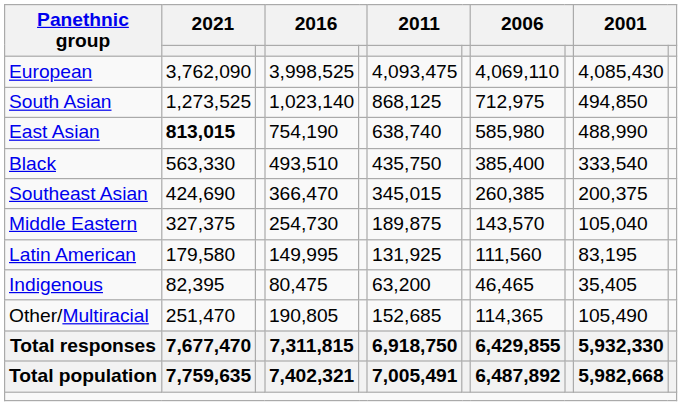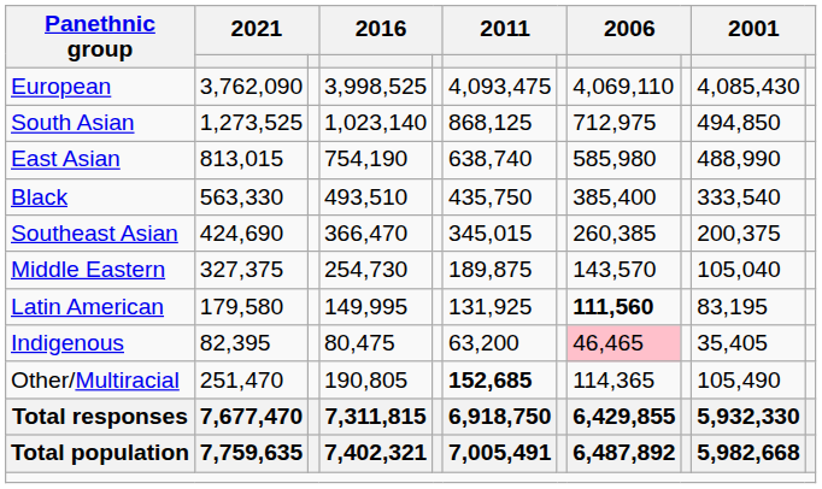 <table class="wikitable collapsible sortable">
 <tr>
 <th rowspan="2"><a href='#'>Panethnic</a><br>group</th>
 <th colspan="2">2021</th>
 <th colspan="2">2016</th>
 <th colspan="2">2011</th>
 <th colspan="2">2006</th>
 <th colspan="2">2001</th>
 </tr>
 <tr>
 <th><a href='#'></a></th>
 <th></th>
 <th></th>
 <th></th>
 <th></th>
 <th></th>
 <th></th>
 <th></th>
 <th></th>
 <th></th>
 </tr>
 <tr>
 <td><a href='#'>European</a></td>
 <td>3,762,090</td>
 <td></td>
 <td>3,998,525</td>
 <td></td>
 <td>4,093,475</td>
 <td></td>
 <td>4,069,110</td>
 <td></td>
 <td>4,085,430</td>
 <td></td>
 </tr>
 <tr>
 <td><a href='#'>South Asian</a></td>
 <td>1,273,525</td>
 <td></td>
 <td>1,023,140</td>
 <td></td>
 <td>868,125</td>
 <td></td>
 <td>712,975</td>
 <td></td>
 <td>494,850</td>
 <td></td>
 </tr>
 <tr>
 <td><a href='#'>East Asian</a></td>
-<td><strong>813,015</strong></td>
+<td>813,015</td>
 <td></td>
 <td>754,190</td>
 <td></td>
 <td>638,740</td>
 <td></td>
 <td>585,980</td>
 <td></td>
 <td>488,990</td>
 <td></td>
 </tr>
 <tr>
 <td><a href='#'>Black</a></td>
 <td>563,330</td>
 <td></td>
 <td>493,510</td>
 <td></td>
 <td>435,750</td>
 <td></td>
 <td>385,400</td>
 <td></td>
 <td>333,540</td>
 <td></td>
 </tr>
 <tr>
 <td><a href='#'>Southeast Asian</a></td>
 <td>424,690</td>
 <td></td>
 <td>366,470</td>
 <td></td>
 <td>345,015</td>
 <td></td>
 <td>260,385</td>
 <td></td>
 <td>200,375</td>
 <td></td>
 </tr>
 <tr>
 <td><a href='#'>Middle Eastern</a></td>
 <td>327,375</td>
 <td></td>
 <td>254,730</td>
 <td></td>
 <td>189,875</td>
 <td></td>
 <td>143,570</td>
 <td></td>
 <td>105,040</td>
 <td></td>
 </tr>
 <tr>
 <td><a href='#'>Latin American</a></td>
 <td>179,580</td>
 <td></td>
 <td>149,995</td>
 <td></td>
 <td>131,925</td>
 <td></td>
-<td>111,560</td>
+<td><strong>111,560</strong></td>
 <td></td>
 <td>83,195</td>
 <td></td>
 </tr>
 <tr>
 <td><a href='#'>Indigenous</a></td>
 <td>82,395</td>
 <td></td>
 <td>80,475</td>
 <td></td>
 <td>63,200</td>
 <td></td>
-<td>46,465</td>
+<td style="background: pink;">46,465</td>
 <td></td>
 <td>35,405</td>
 <td></td>
 </tr>
 <tr>
 <td>Other/<a href='#'>Multiracial</a></td>
 <td>251,470</td>
 <td></td>
 <td>190,805</td>
 <td></td>
-<td>152,685</td>
+<td><strong>152,685</strong></td>
 <td></td>
 <td>114,365</td>
 <td></td>
 <td>105,490</td>
 <td></td>
 </tr>
 <tr>
 <th>Total responses</th>
 <th>7,677,470</th>
 <th></th>
 <th>7,311,815</th>
 <th></th>
 <th>6,918,750</th>
 <th></th>
 <th>6,429,855</th>
 <th></th>
 <th>5,932,330</th>
 <th></th>
 </tr>
 <tr>
 <th>Total population</th>
 <th>7,759,635</th>
 <th></th>
 <th>7,402,321</th>
 <th></th>
 <th>7,005,491</th>
 <th></th>
 <th>6,487,892</th>
 <th></th>
 <th>5,982,668</th>
 <th></th>
 </tr>
 <tr class="sortbottom">
 <td colspan="15"></td>
 </tr>
 </table>
